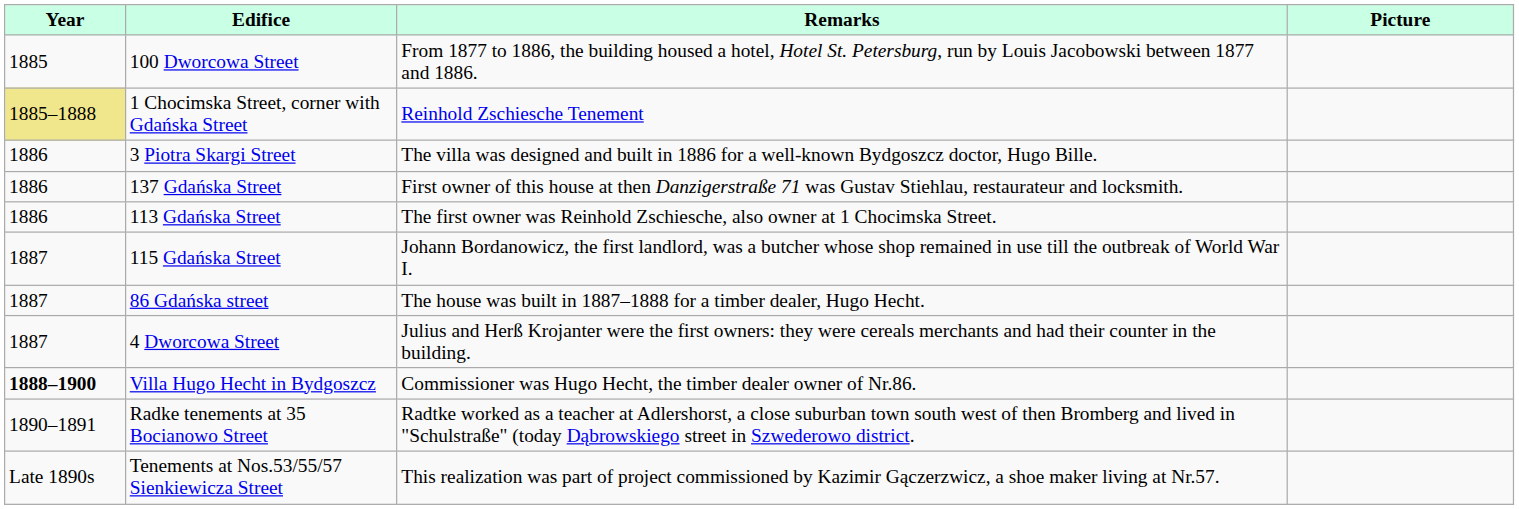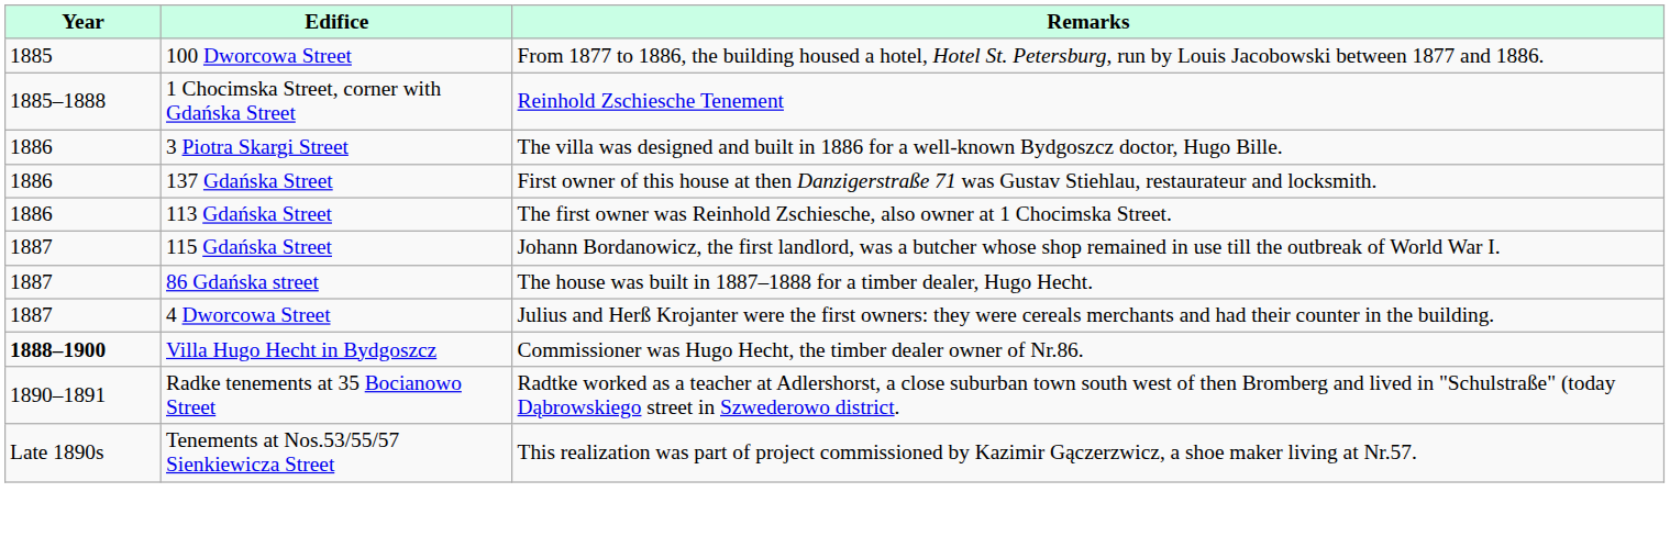 <table class="wikitable" style="flex:30em">
 <tr align="center" bgcolor="#C9FFE5">
 <td width=8%><strong>Year</strong></td>
 <td width=18%><strong>Edifice</strong></td>
 <td width=59%><strong>Remarks</strong></td>
-<td width=15%><strong>Picture</strong></td>
 </tr>
 <tr ----bgcolor="#FFFFFF">
 <td>1885</td>
 <td>100 <a href='#'>Dworcowa Street</a></td>
 <td>From 1877 to 1886, the building housed a hotel, <em>Hotel St. Petersburg</em>, run by Louis Jacobowski between 1877 and 1886.</td>
-<td></td>
 </tr>
 <tr ---->
-<td style="background: khaki;">1885–1888</td>
+<td>1885–1888</td>
 <td>1 Chocimska Street, corner with <a href='#'>Gdańska Street</a></td>
 <td><a href='#'>Reinhold Zschiesche Tenement</a></td>
-<td></td>
 </tr>
 <tr ----bgcolor="#FFFFFF">
 <td>1886</td>
 <td>3 <a href='#'>Piotra Skargi Street</a></td>
 <td>The villa was designed and built in 1886 for a well-known Bydgoszcz doctor, Hugo Bille.</td>
-<td></td>
 </tr>
 <tr ---->
 <td>1886</td>
 <td>137 <a href='#'>Gdańska Street</a></td>
 <td>First owner of this house at then <em>Danzigerstraße 71</em> was Gustav Stiehlau, restaurateur and locksmith.</td>
-<td></td>
 </tr>
 <tr ----bgcolor="#FFFFFF">
 <td>1886</td>
 <td>113 <a href='#'>Gdańska Street</a></td>
 <td>The first owner was Reinhold Zschiesche, also owner at 1 Chocimska Street.</td>
-<td></td>
 </tr>
 <tr ---->
 <td>1887</td>
 <td>115 <a href='#'>Gdańska Street</a></td>
 <td>Johann Bordanowicz, the first landlord, was a butcher whose shop remained in use till the outbreak of World War I.</td>
-<td></td>
 </tr>
 <tr ----bgcolor="#FFFFFF">
 <td>1887</td>
 <td><a href='#'>86 Gdańska street</a></td>
 <td>The house was built in 1887–1888 for a timber dealer, Hugo Hecht.</td>
-<td></td>
 </tr>
 <tr ---->
 <td>1887</td>
 <td>4 <a href='#'>Dworcowa Street</a></td>
 <td>Julius and Herß Krojanter were the first owners: they were cereals merchants and had their counter in the building.</td>
-<td></td>
 </tr>
 <tr ----bgcolor="#FFFFFF">
 <td><strong>1888–1900</strong></td>
 <td><a href='#'>Villa Hugo Hecht in Bydgoszcz</a></td>
 <td>Commissioner was Hugo Hecht, the timber dealer owner of Nr.86.</td>
-<td></td>
 </tr>
 <tr ---->
 <td>1890–1891</td>
 <td>Radke tenements at 35 <a href='#'>Bocianowo Street</a></td>
 <td>Radtke worked as a teacher at Adlershorst, a close suburban town south west of then Bromberg and lived in "Schulstraße" (today <a href='#'>Dąbrowskiego</a> street in <a href='#'>Szwederowo district</a>.</td>
-<td></td>
 </tr>
 <tr ----bgcolor="#FFFFFF">
 <td>Late 1890s</td>
 <td>Tenements at Nos.53/55/57 <a href='#'>Sienkiewicza Street</a></td>
 <td>This realization was part of project commissioned by Kazimir Gączerzwicz, a shoe maker living at Nr.57.</td>
-<td></td>
 </tr>
 </table>
